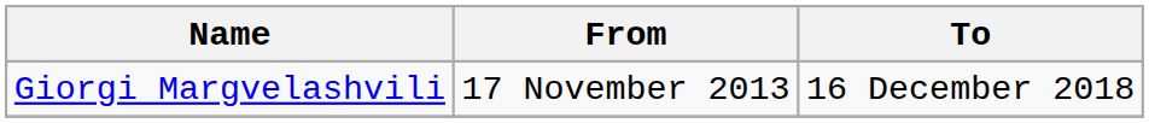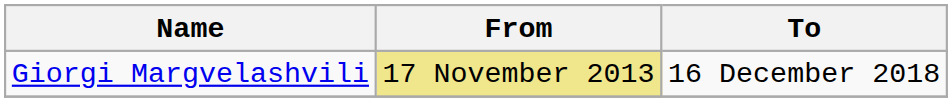 <table class="wikitable plainrowheaders" style="text-align:center;">
 <tr>
 <th>Name</th>
 <th>From</th>
 <th>To</th>
 </tr>
 <tr>
 <td><a href='#'>Giorgi Margvelashvili</a></td>
-<td>17 November 2013</td>
+<td style="background: khaki;">17 November 2013</td>
 <td>16 December 2018</td>
 </tr>
 <tr>
 </tr>
 </table>
